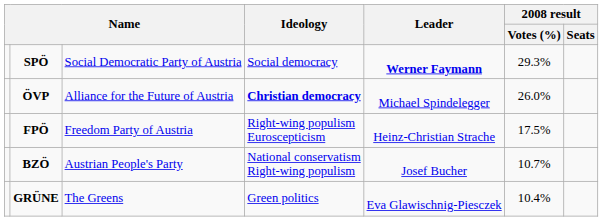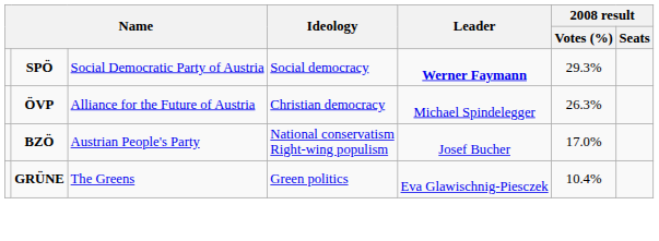 <table class="wikitable">
 <tr>
 <th rowspan="2" colspan="3">Name</th>
 <th rowspan="2">Ideology</th>
 <th rowspan="2">Leader</th>
 <th colspan="2">2008 result</th>
 </tr>
 <tr>
 <th>Votes (%)</th>
 <th>Seats</th>
 </tr>
 <tr>
 <td style="background:"></td>
 <td style="text-align:center;"><strong>SPÖ</strong></td>
 <td><a href='#'>Social Democratic Party of Austria</a><br></td>
 <td><a href='#'>Social democracy</a></td>
 <td align=center><strong><br><a href='#'>Werner Faymann</a></strong></td>
 <td style="text-align:center;">29.3%</td>
 <td></td>
 </tr>
 <tr>
 <td style="background:"></td>
 <td style="text-align:center;"><strong>ÖVP</strong></td>
 <td><a href='#'>Alliance for the Future of Austria</a><br></td>
-<td><strong><a href='#'>Christian democracy</a></strong></td>
+<td><a href='#'>Christian democracy</a></td>
 <td align=center><br><a href='#'>Michael Spindelegger</a></td>
-<td style="text-align:center;">26.0%</td>
-<td></td>
-</tr>
-<tr>
-<td style="background:"></td>
-<td style="text-align:center;"><strong>FPÖ</strong></td>
-<td><a href='#'>Freedom Party of Austria</a><br></td>
-<td><a href='#'>Right-wing populism</a><br><a href='#'>Euroscepticism</a></td>
-<td align=center><br><a href='#'>Heinz-Christian Strache</a></td>
-<td style="text-align:center;">17.5%</td>
+<td style="text-align:center;">26.3%</td>
 <td></td>
 </tr>
 <tr>
 <td style="background:"></td>
 <td style="text-align:center;"><strong>BZÖ</strong></td>
 <td><a href='#'>Austrian People's Party</a><br></td>
 <td><a href='#'>National conservatism</a><br><a href='#'>Right-wing populism</a></td>
 <td align=center><br><a href='#'>Josef Bucher</a></td>
-<td style="text-align:center;">10.7%</td>
+<td style="text-align:center;">17.0%</td>
 <td></td>
 </tr>
 <tr>
 <td style="background:"></td>
 <td style="text-align:center;"><strong>GRÜNE</strong></td>
 <td><a href='#'>The Greens</a><br></td>
 <td><a href='#'>Green politics</a></td>
 <td align=center><br><a href='#'>Eva Glawischnig-Piesczek</a></td>
 <td style="text-align:center;">10.4%</td>
 <td></td>
 </tr>
 </table>
